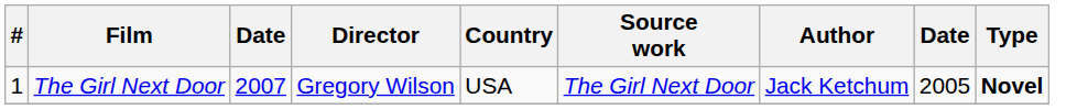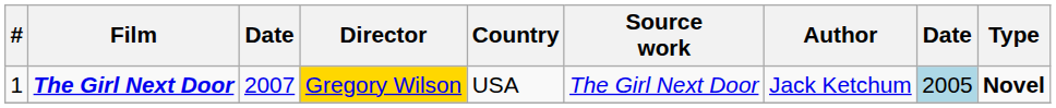 <table class="wikitable">
 <tr>
 <th>#</th>
 <th>Film</th>
 <th>Date</th>
 <th>Director</th>
 <th>Country</th>
 <th>Source<br>work</th>
 <th>Author</th>
 <th>Date</th>
 <th>Type</th>
 </tr>
 <tr>
 <td>1</td>
-<td><em><a href='#'>The Girl Next Door</a></em></td>
+<td><strong><em><a href='#'>The Girl Next Door</a></em></strong></td>
 <td><a href='#'>2007</a></td>
-<td><a href='#'>Gregory Wilson</a></td>
+<td style="background: gold;"><a href='#'>Gregory Wilson</a></td>
 <td>USA</td>
 <td><em><a href='#'>The Girl Next Door</a></em></td>
 <td><a href='#'>Jack Ketchum</a></td>
-<td>2005</td>
+<td style="background: lightblue;">2005</td>
 <td><strong>Novel</strong></td>
 </tr>
 <tr>
 </tr>
 </table>
